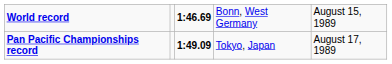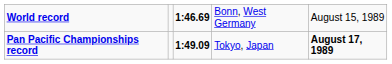 <table class="wikitable">
 <tr>
 <td><strong><a href='#'>World record</a></strong></td>
 <td></td>
 <td><strong>1:46.69</strong></td>
 <td><a href='#'>Bonn</a>, <a href='#'>West Germany</a></td>
 <td>August 15, 1989</td>
 </tr>
 <tr>
 <td><strong><a href='#'>Pan Pacific Championships record</a></strong></td>
 <td></td>
 <td><strong>1:49.09</strong></td>
 <td><a href='#'>Tokyo</a>, <a href='#'>Japan</a></td>
-<td>August 17, 1989</td>
+<td><strong>August 17, 1989</strong></td>
 </tr>
 </table>
